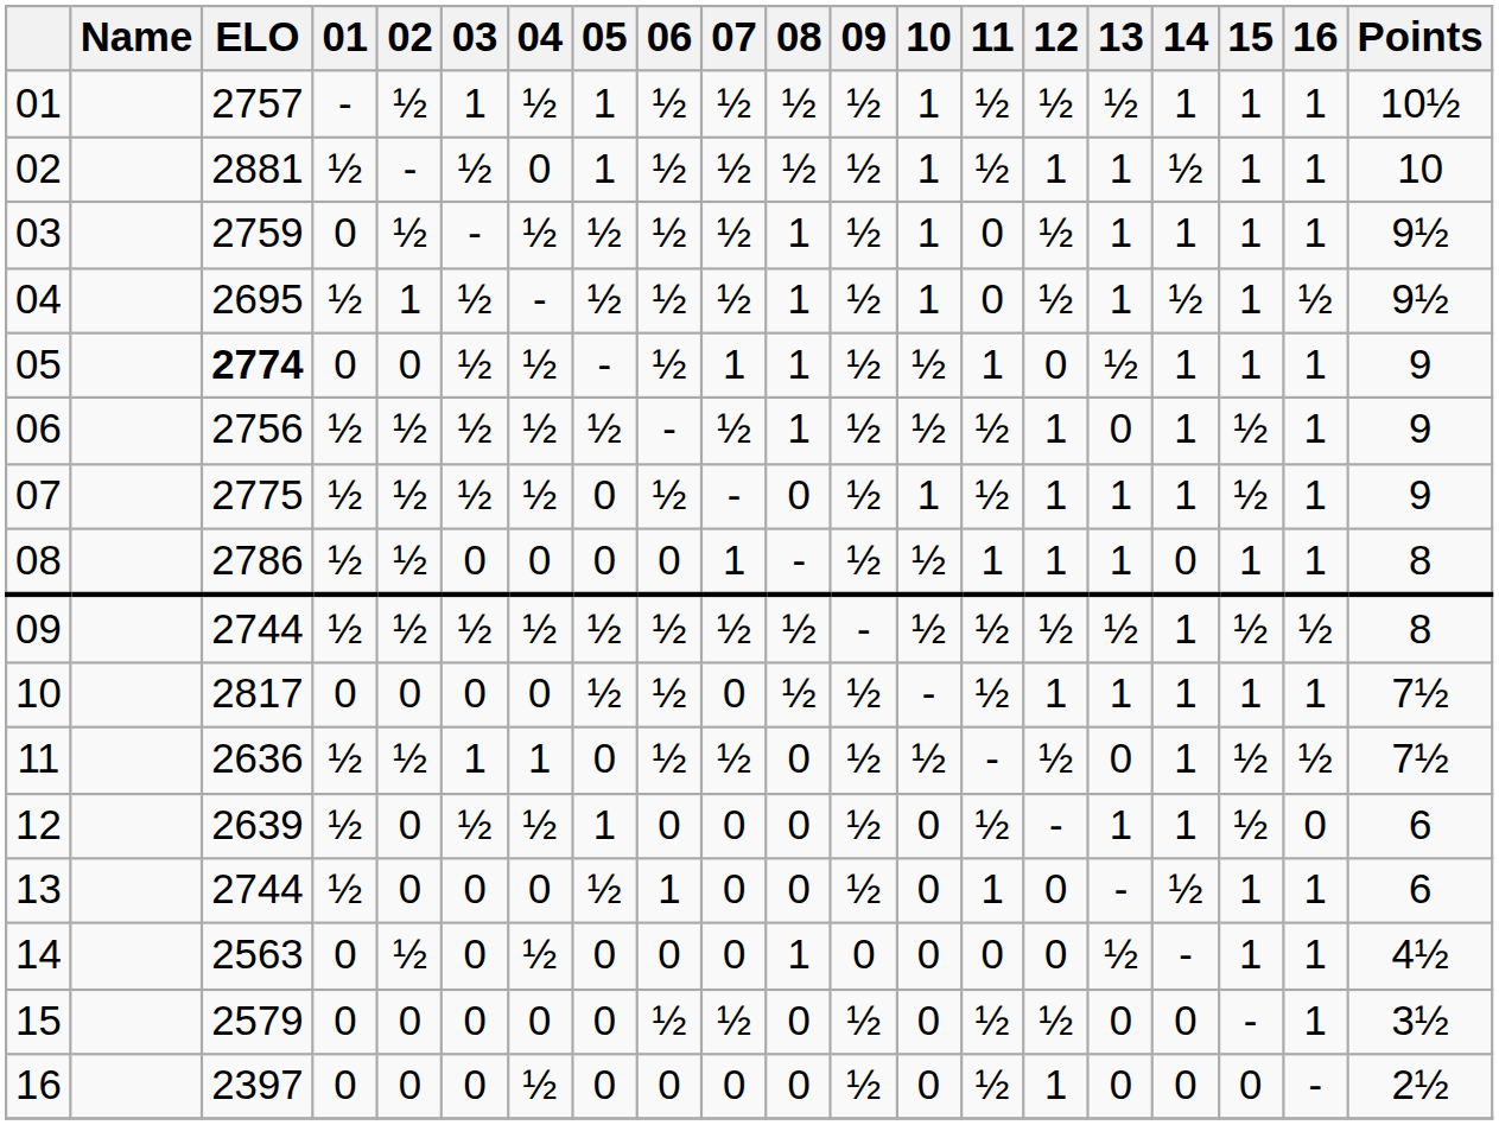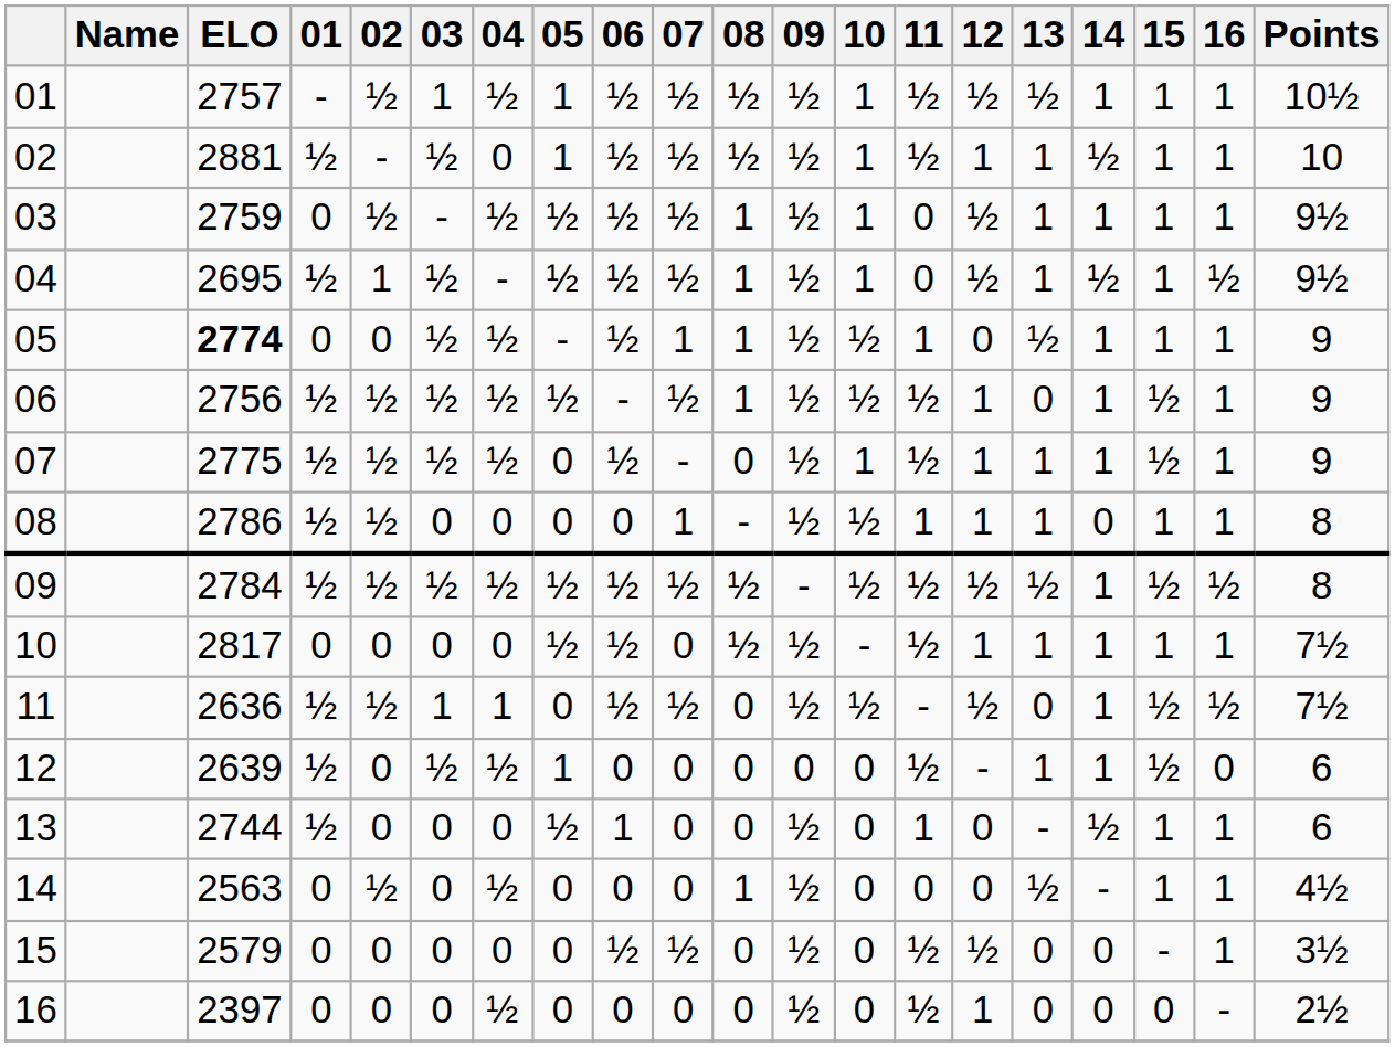 <table class="wikitable" style="text-align:center;">
 <tr>
 <th></th>
 <th>Name</th>
 <th>ELO</th>
 <th>01</th>
 <th>02</th>
 <th>03</th>
 <th>04</th>
 <th>05</th>
 <th>06</th>
 <th>07</th>
 <th>08</th>
 <th>09</th>
 <th>10</th>
 <th>11</th>
 <th>12</th>
 <th>13</th>
 <th>14</th>
 <th>15</th>
 <th>16</th>
 <th>Points</th>
 </tr>
 <tr>
 <td>01</td>
 <td style="text-align:left;" data-sort-value="Artemiev"></td>
 <td>2757</td>
 <td>-</td>
 <td>½</td>
 <td>1</td>
 <td>½</td>
 <td>1</td>
 <td>½</td>
 <td>½</td>
 <td>½</td>
 <td>½</td>
 <td>1</td>
 <td>½</td>
 <td>½</td>
 <td>½</td>
 <td>1</td>
 <td>1</td>
 <td>1</td>
 <td>10½</td>
 </tr>
 <tr>
 <td>02</td>
 <td style="text-align:left;" data-sort-value="Carlsen"></td>
 <td>2881</td>
 <td>½</td>
 <td>-</td>
 <td>½</td>
 <td>0</td>
 <td>1</td>
 <td>½</td>
 <td>½</td>
 <td>½</td>
 <td>½</td>
 <td>1</td>
 <td>½</td>
 <td>1</td>
 <td>1</td>
 <td>½</td>
 <td>1</td>
 <td>1</td>
 <td>10</td>
 </tr>
 <tr>
 <td>03</td>
 <td style="text-align:left;" data-sort-value="Aronian"></td>
 <td>2759</td>
 <td>0</td>
 <td>½</td>
 <td>-</td>
 <td>½</td>
 <td>½</td>
 <td>½</td>
 <td>½</td>
 <td>1</td>
 <td>½</td>
 <td>1</td>
 <td>0</td>
 <td>½</td>
 <td>1</td>
 <td>1</td>
 <td>1</td>
 <td>1</td>
 <td>9½</td>
 </tr>
 <tr>
 <td>04</td>
 <td style="text-align:left;" data-sort-value="Firouzja"></td>
 <td>2695</td>
 <td>½</td>
 <td>1</td>
 <td>½</td>
 <td>-</td>
 <td>½</td>
 <td>½</td>
 <td>½</td>
 <td>1</td>
 <td>½</td>
 <td>1</td>
 <td>0</td>
 <td>½</td>
 <td>1</td>
 <td>½</td>
 <td>1</td>
 <td>½</td>
 <td>9½</td>
 </tr>
 <tr>
 <td>05</td>
 <td style="text-align:left;" data-sort-value="So"></td>
 <td><strong>2774</strong></td>
 <td>0</td>
 <td>0</td>
 <td>½</td>
 <td>½</td>
 <td>-</td>
 <td>½</td>
 <td>1</td>
 <td>1</td>
 <td>½</td>
 <td>½</td>
 <td>1</td>
 <td>0</td>
 <td>½</td>
 <td>1</td>
 <td>1</td>
 <td>1</td>
 <td>9</td>
 </tr>
 <tr>
 <td>06</td>
 <td style="text-align:left;" data-sort-value="Mamedyarov"></td>
 <td>2756</td>
 <td>½</td>
 <td>½</td>
 <td>½</td>
 <td>½</td>
 <td>½</td>
 <td>-</td>
 <td>½</td>
 <td>1</td>
 <td>½</td>
 <td>½</td>
 <td>½</td>
 <td>1</td>
 <td>0</td>
 <td>1</td>
 <td>½</td>
 <td>1</td>
 <td>9</td>
 </tr>
 <tr>
 <td>07</td>
 <td style="text-align:left;" data-sort-value="Duda"></td>
 <td>2775</td>
 <td>½</td>
 <td>½</td>
 <td>½</td>
 <td>½</td>
 <td>0</td>
 <td>½</td>
 <td>-</td>
 <td>0</td>
 <td>½</td>
 <td>1</td>
 <td>½</td>
 <td>1</td>
 <td>1</td>
 <td>1</td>
 <td>½</td>
 <td>1</td>
 <td>9</td>
 </tr>
 <tr>
 <td>08</td>
 <td style="text-align:left;" data-sort-value="Dominguez"></td>
 <td>2786</td>
 <td>½</td>
 <td>½</td>
 <td>0</td>
 <td>0</td>
 <td>0</td>
 <td>0</td>
 <td>1</td>
 <td>-</td>
 <td>½</td>
 <td>½</td>
 <td>1</td>
 <td>1</td>
 <td>1</td>
 <td>0</td>
 <td>1</td>
 <td>1</td>
 <td>8</td>
 </tr>
 <tr>
 <td style="border-top: 2px solid #000000;">09</td>
 <td style="text-align:left;border-top: 2px solid #000000;" data-sort-value="Giri"></td>
-<td style="border-top: 2px solid #000000;">2744</td>
+<td style="border-top: 2px solid #000000;">2784</td>
 <td style="border-top: 2px solid #000000;">½</td>
 <td style="border-top: 2px solid #000000;">½</td>
 <td style="border-top: 2px solid #000000;">½</td>
 <td style="border-top: 2px solid #000000;">½</td>
 <td style="border-top: 2px solid #000000;">½</td>
 <td style="border-top: 2px solid #000000;">½</td>
 <td style="border-top: 2px solid #000000;">½</td>
 <td style="border-top: 2px solid #000000;">½</td>
 <td style="border-top: 2px solid #000000;">-</td>
 <td style="border-top: 2px solid #000000;">½</td>
 <td style="border-top: 2px solid #000000;">½</td>
 <td style="border-top: 2px solid #000000;">½</td>
 <td style="border-top: 2px solid #000000;">½</td>
 <td style="border-top: 2px solid #000000;">1</td>
 <td style="border-top: 2px solid #000000;">½</td>
 <td style="border-top: 2px solid #000000;">½</td>
 <td style="border-top: 2px solid #000000;">8</td>
 </tr>
 <tr>
 <td>10</td>
 <td style="text-align:left;" data-sort-value="Vachier"></td>
 <td>2817</td>
 <td>0</td>
 <td>0</td>
 <td>0</td>
 <td>0</td>
 <td>½</td>
 <td>½</td>
 <td>0</td>
 <td>½</td>
 <td>½</td>
 <td>-</td>
 <td>½</td>
 <td>1</td>
 <td>1</td>
 <td>1</td>
 <td>1</td>
 <td>1</td>
 <td>7½</td>
 </tr>
 <tr>
 <td>11</td>
 <td style="text-align:left;" data-sort-value="Vidit"></td>
 <td>2636</td>
 <td>½</td>
 <td>½</td>
 <td>1</td>
 <td>1</td>
 <td>0</td>
 <td>½</td>
 <td>½</td>
 <td>0</td>
 <td>½</td>
 <td>½</td>
 <td>-</td>
 <td>½</td>
 <td>0</td>
 <td>1</td>
 <td>½</td>
 <td>½</td>
 <td>7½</td>
 </tr>
 <tr>
 <td>12</td>
 <td style="text-align:left;" data-sort-value="Naroditsky"></td>
 <td>2639</td>
 <td>½</td>
 <td>0</td>
 <td>½</td>
 <td>½</td>
 <td>1</td>
 <td>0</td>
 <td>0</td>
 <td>0</td>
-<td>½</td>
+<td>0</td>
 <td>0</td>
 <td>½</td>
 <td>-</td>
 <td>1</td>
 <td>1</td>
 <td>½</td>
 <td>0</td>
 <td>6</td>
 </tr>
 <tr>
 <td>13</td>
 <td style="text-align:left;" data-sort-value="Lê"></td>
 <td>2744</td>
 <td>½</td>
 <td>0</td>
 <td>0</td>
 <td>0</td>
 <td>½</td>
 <td>1</td>
 <td>0</td>
 <td>0</td>
 <td>½</td>
 <td>0</td>
 <td>1</td>
 <td>0</td>
 <td>-</td>
 <td>½</td>
 <td>1</td>
 <td>1</td>
 <td>6</td>
 </tr>
 <tr>
 <td>14</td>
 <td style="text-align:left;" data-sort-value="van Foreest"></td>
 <td>2563</td>
 <td>0</td>
 <td>½</td>
 <td>0</td>
 <td>½</td>
 <td>0</td>
 <td>0</td>
 <td>0</td>
 <td>1</td>
-<td>0</td>
+<td>½</td>
 <td>0</td>
 <td>0</td>
 <td>0</td>
 <td>½</td>
 <td>-</td>
 <td>1</td>
 <td>1</td>
 <td>4½</td>
 </tr>
 <tr>
 <td>15</td>
 <td style="text-align:left;" data-sort-value="Hansen"></td>
 <td>2579</td>
 <td>0</td>
 <td>0</td>
 <td>0</td>
 <td>0</td>
 <td>0</td>
 <td>½</td>
 <td>½</td>
 <td>0</td>
 <td>½</td>
 <td>0</td>
 <td>½</td>
 <td>½</td>
 <td>0</td>
 <td>0</td>
 <td>-</td>
 <td>1</td>
 <td>3½</td>
 </tr>
 <tr>
 <td>16</td>
 <td style="text-align:left;" data-sort-value="Liang"></td>
 <td>2397</td>
 <td>0</td>
 <td>0</td>
 <td>0</td>
 <td>½</td>
 <td>0</td>
 <td>0</td>
 <td>0</td>
 <td>0</td>
 <td>½</td>
 <td>0</td>
 <td>½</td>
 <td>1</td>
 <td>0</td>
 <td>0</td>
 <td>0</td>
 <td>-</td>
 <td>2½</td>
 </tr>
 <tr>
 </tr>
 </table>
